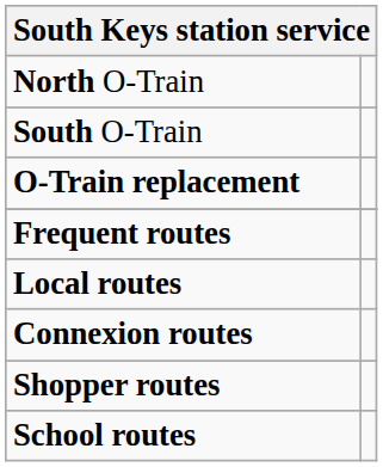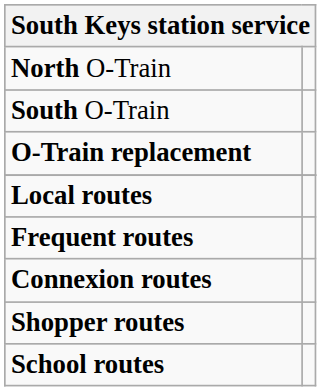 <table class="wikitable">
 <tr>
 <th colspan="2”">South Keys station service</th>
 </tr>
 <tr>
 <td><strong>North</strong> O-Train</td>
 <td></td>
 </tr>
 <tr>
 <td><strong>South</strong> O-Train</td>
 <td> </td>
 </tr>
 <tr>
 <td><strong>O-Train replacement</strong></td>
 <td> </td>
 </tr>
 <tr>
 </tr>
 <tr>
+<td><strong>Local routes</strong></td>
+<td>      </td>
+</tr>
+<tr>
 <td><strong>Frequent routes</strong></td>
 <td>   </td>
-</tr>
-<tr>
-<td><strong>Local routes</strong></td>
-<td>      </td>
 </tr>
 <tr>
 <td><strong>Connexion routes</strong></td>
 <td></td>
 </tr>
 <tr>
 <td><strong>Shopper routes</strong></td>
 <td></td>
 </tr>
 <tr>
 <td><strong>School routes</strong></td>
 <td>     </td>
 </tr>
 </table>
